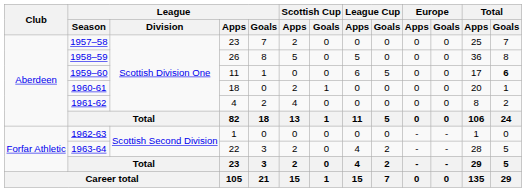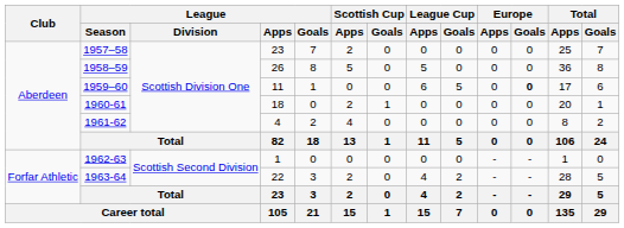 <table class="wikitable" style="text-align:center">
 <tr>
 <th rowspan="2">Club</th>
 <th colspan="4">League</th>
 <th colspan="2">Scottish Cup</th>
 <th colspan="2">League Cup</th>
 <th colspan="2">Europe</th>
 <th colspan="2">Total</th>
 </tr>
 <tr>
 <th>Season</th>
 <th>Division</th>
 <th>Apps</th>
 <th>Goals</th>
 <th>Apps</th>
 <th>Goals</th>
 <th>Apps</th>
 <th>Goals</th>
 <th>Apps</th>
 <th>Goals</th>
 <th>Apps</th>
 <th>Goals</th>
 </tr>
 <tr>
 <td rowspan="6"><a href='#'>Aberdeen</a></td>
 <td><a href='#'>1957–58</a></td>
 <td rowspan="5"><a href='#'>Scottish Division One</a></td>
 <td>23</td>
 <td>7</td>
 <td>2</td>
 <td>0</td>
 <td>0</td>
 <td>0</td>
 <td>0</td>
 <td>0</td>
 <td>25</td>
 <td>7</td>
 </tr>
 <tr>
 <td><a href='#'>1958–59</a></td>
 <td>26</td>
 <td>8</td>
 <td>5</td>
 <td>0</td>
 <td>5</td>
 <td>0</td>
 <td>0</td>
 <td>0</td>
 <td>36</td>
 <td>8</td>
 </tr>
 <tr>
 <td><a href='#'>1959–60</a></td>
 <td>11</td>
 <td>1</td>
 <td>0</td>
 <td>0</td>
 <td>6</td>
 <td>5</td>
 <td>0</td>
-<td>0</td>
+<td><strong>0</strong></td>
 <td>17</td>
-<td><strong>6</strong></td>
+<td>6</td>
 </tr>
 <tr>
 <td><a href='#'>1960-61</a></td>
 <td>18</td>
 <td>0</td>
 <td>2</td>
 <td>1</td>
 <td>0</td>
 <td>0</td>
 <td>0</td>
 <td>0</td>
 <td>20</td>
 <td>1</td>
 </tr>
 <tr>
 <td><a href='#'>1961-62</a></td>
 <td>4</td>
 <td>2</td>
 <td>4</td>
 <td>0</td>
 <td>0</td>
 <td>0</td>
 <td>0</td>
 <td>0</td>
 <td>8</td>
 <td>2</td>
 </tr>
 <tr>
 <th colspan="2">Total</th>
 <th>82</th>
 <th>18</th>
 <th>13</th>
 <th>1</th>
 <th>11</th>
 <th>5</th>
 <th>0</th>
 <th>0</th>
 <th>106</th>
 <th>24</th>
 </tr>
 <tr>
 <td rowspan="3"><a href='#'>Forfar Athletic</a></td>
 <td><a href='#'>1962-63</a></td>
 <td rowspan="2"><a href='#'>Scottish Second Division</a></td>
 <td>1</td>
 <td>0</td>
 <td>0</td>
 <td>0</td>
 <td>0</td>
 <td>0</td>
 <td>-</td>
 <td>-</td>
 <td>1</td>
 <td>0</td>
 </tr>
 <tr>
 <td><a href='#'>1963-64</a></td>
 <td>22</td>
 <td>3</td>
 <td>2</td>
 <td>0</td>
 <td>4</td>
 <td>2</td>
 <td>-</td>
 <td>-</td>
 <td>28</td>
 <td>5</td>
 </tr>
 <tr>
 <th colspan="2">Total</th>
 <th>23</th>
 <th>3</th>
 <th>2</th>
 <th>0</th>
 <th>4</th>
 <th>2</th>
 <th>-</th>
 <th>-</th>
 <th>29</th>
 <th>5</th>
 </tr>
 <tr>
 <th colspan="3">Career total</th>
 <th>105</th>
 <th>21</th>
 <th>15</th>
 <th>1</th>
 <th>15</th>
 <th>7</th>
 <th>0</th>
 <th>0</th>
 <th>135</th>
 <th>29</th>
 </tr>
 </table>
